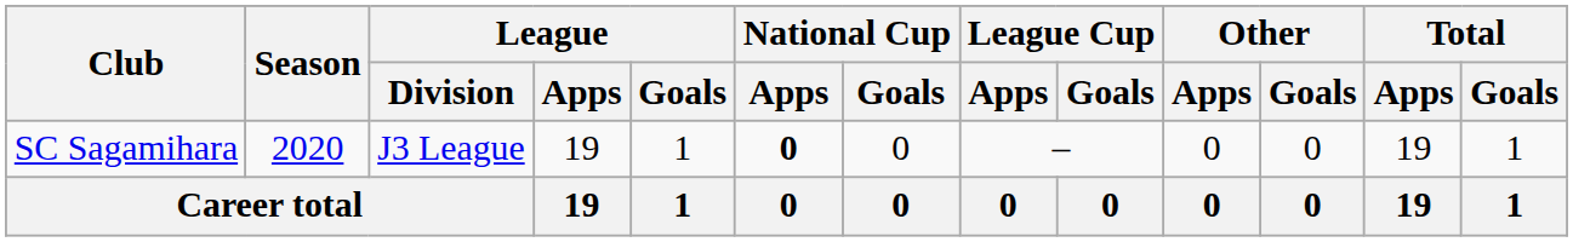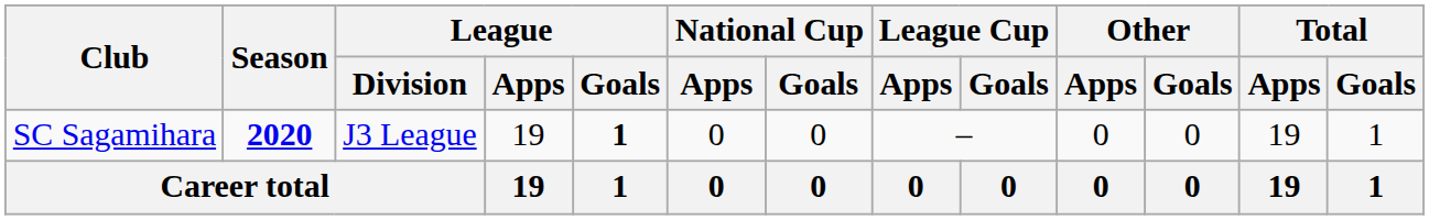 <table class="wikitable" style="text-align: center">
 <tr>
 <th rowspan="2">Club</th>
 <th rowspan="2">Season</th>
 <th colspan="3">League</th>
 <th colspan="2">National Cup</th>
 <th colspan="2">League Cup</th>
 <th colspan="2">Other</th>
 <th colspan="2">Total</th>
 </tr>
 <tr>
 <th>Division</th>
 <th>Apps</th>
 <th>Goals</th>
 <th>Apps</th>
 <th>Goals</th>
 <th>Apps</th>
 <th>Goals</th>
 <th>Apps</th>
 <th>Goals</th>
 <th>Apps</th>
 <th>Goals</th>
 </tr>
 <tr>
 <td><a href='#'>SC Sagamihara</a></td>
-<td><a href='#'>2020</a></td>
+<td><strong><a href='#'>2020</a></strong></td>
 <td><a href='#'>J3 League</a></td>
 <td>19</td>
-<td>1</td>
-<td><strong>0</strong></td>
+<td><strong>1</strong></td>
+<td>0</td>
 <td>0</td>
 <td colspan="2">–</td>
 <td>0</td>
 <td>0</td>
 <td>19</td>
 <td>1</td>
 </tr>
 <tr>
 <th colspan=3>Career total</th>
 <th>19</th>
 <th>1</th>
 <th>0</th>
 <th>0</th>
 <th>0</th>
 <th>0</th>
 <th>0</th>
 <th>0</th>
 <th>19</th>
 <th>1</th>
 </tr>
 </table>
